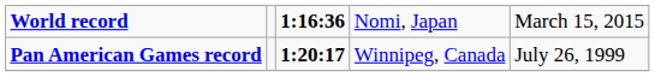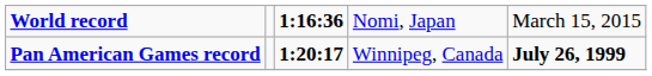 <table class="wikitable">
 <tr>
 <td><strong><a href='#'>World record</a></strong></td>
 <td></td>
 <td><strong>1:16:36</strong></td>
 <td><a href='#'>Nomi</a>, <a href='#'>Japan</a></td>
 <td>March 15, 2015</td>
 </tr>
 <tr>
 <td><strong><a href='#'>Pan American Games record</a></strong></td>
 <td></td>
 <td><strong>1:20:17	</strong></td>
 <td><a href='#'>Winnipeg</a>, <a href='#'>Canada</a></td>
-<td>July 26, 1999</td>
+<td><strong>July 26, 1999</strong></td>
 </tr>
 <tr>
 </tr>
 </table>
